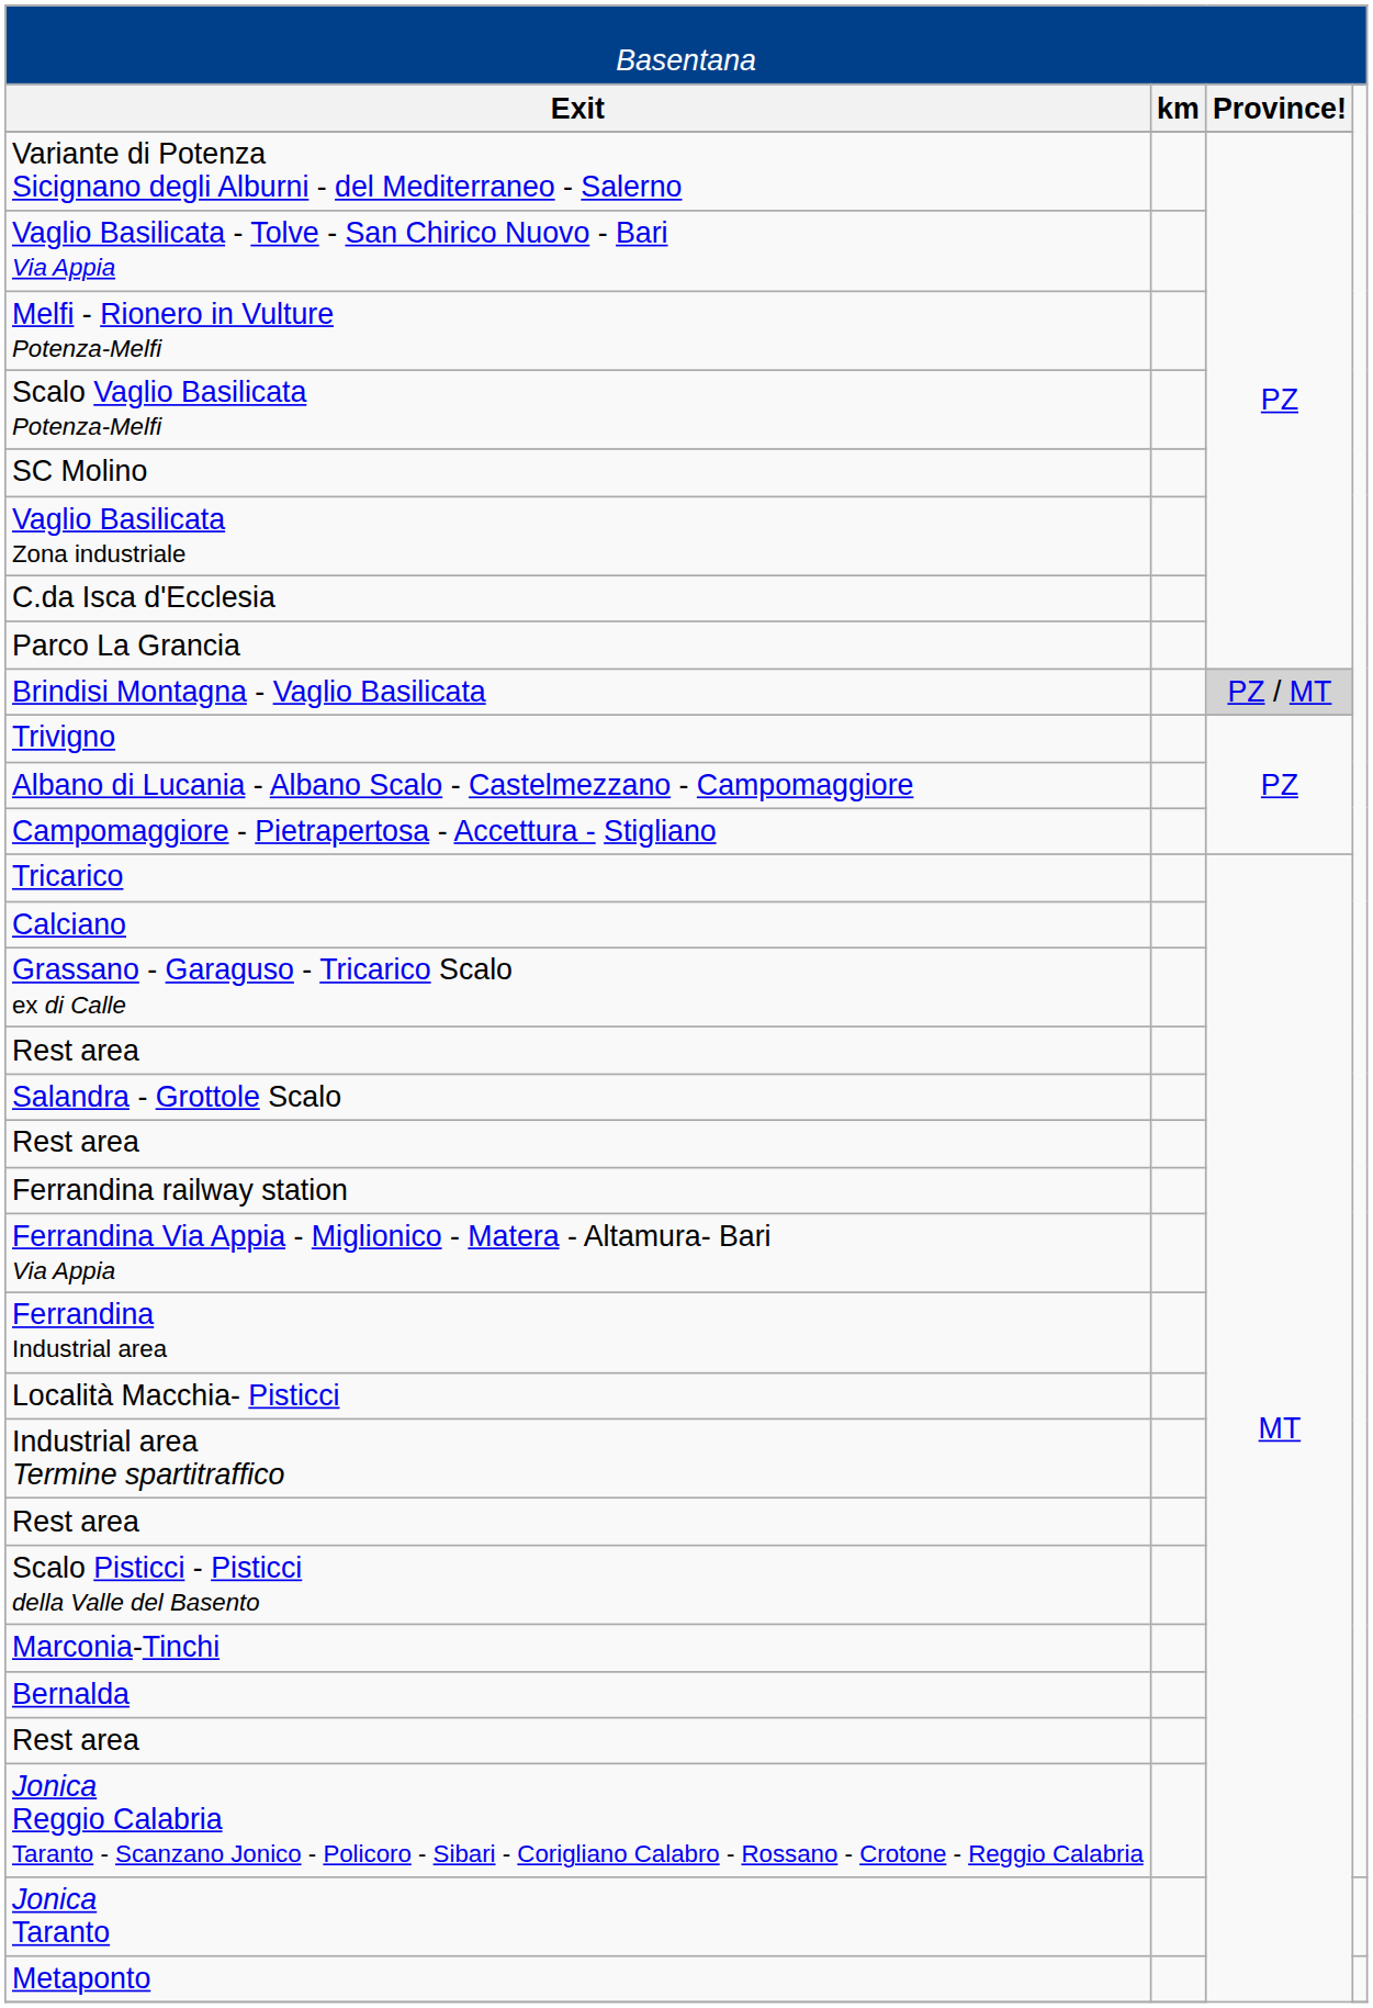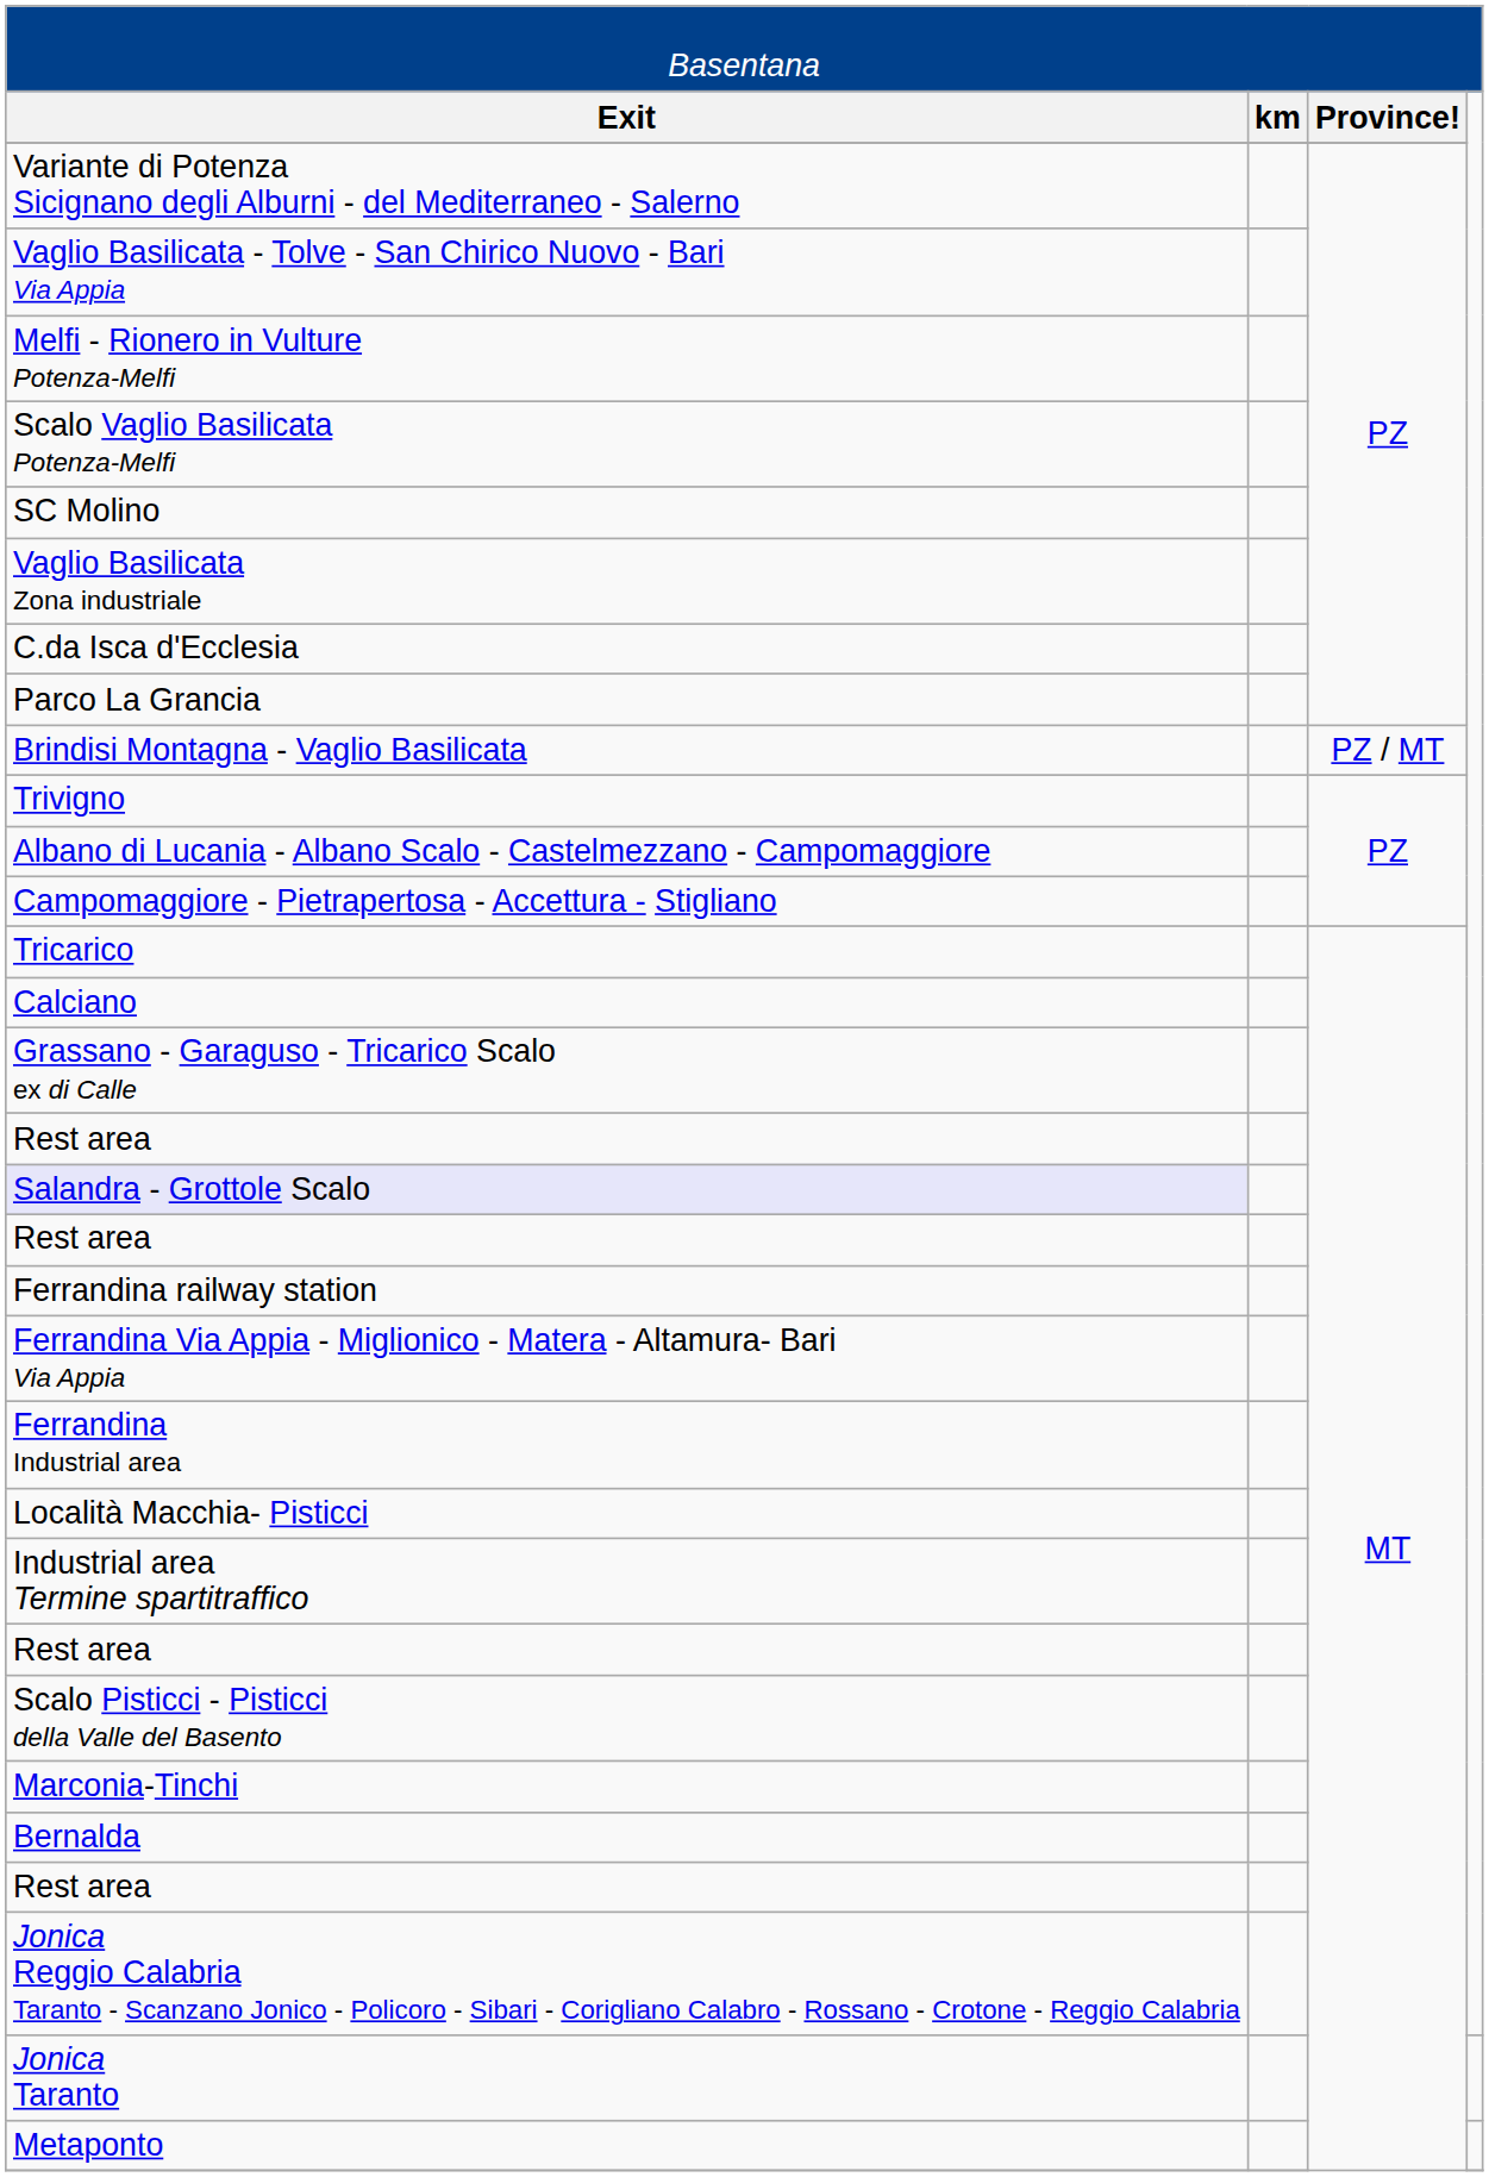 <table class="wikitable">
 <tr align="center" bgcolor="00408B" style="color: white;font-size:100%;">
 <td colspan="4"> <br><em>Basentana</em></td>
 </tr>
 <tr>
 <th>Exit</th>
 <th>km</th>
 <th>Province!</th>
 </tr>
 <tr>
 </tr>
 <tr>
 <td>   Variante di Potenza<br>  <a href='#'>Sicignano degli Alburni</a> -  <a href='#'>del Mediterraneo</a> - <a href='#'>Salerno</a></td>
 <td></td>
 <td align="center" rowspan=8><a href='#'>PZ</a></td>
 </tr>
 <tr>
 <td> <a href='#'>Vaglio Basilicata</a> - <a href='#'>Tolve</a> - <a href='#'>San Chirico Nuovo</a> - <a href='#'>Bari</a><br><small> <em><a href='#'>Via Appia</a></em></small></td>
 <td></td>
 </tr>
 <tr>
 <td> <a href='#'>Melfi</a> - <a href='#'>Rionero in Vulture</a><br><small> <em>Potenza-Melfi</em></small></td>
 <td></td>
 </tr>
 <tr>
 <td> Scalo <a href='#'>Vaglio Basilicata</a><br><small> <em>Potenza-Melfi</em></small></td>
 <td></td>
 </tr>
 <tr>
 <td> SC Molino</td>
 <td></td>
 </tr>
 <tr>
 <td> <a href='#'>Vaglio Basilicata</a><br><small> Zona industriale</small></td>
 <td></td>
 </tr>
 <tr>
 <td> C.da Isca d'Ecclesia</td>
 <td></td>
 </tr>
 <tr>
 <td> Parco La Grancia</td>
 <td></td>
 </tr>
 <tr>
 <td> <a href='#'>Brindisi Montagna</a> - <a href='#'>Vaglio Basilicata</a></td>
 <td></td>
-<td align="center" style="background: lightgrey;"><a href='#'>PZ</a> / <a href='#'>MT</a></td>
+<td align="center"><a href='#'>PZ</a> / <a href='#'>MT</a></td>
 </tr>
 <tr>
 <td> <a href='#'>Trivigno</a></td>
 <td></td>
 <td align="center" rowspan=3><a href='#'>PZ</a></td>
 </tr>
 <tr>
 <td> <a href='#'>Albano di Lucania</a>  - <a href='#'>Albano Scalo</a> - <a href='#'>Castelmezzano</a> - <a href='#'>Campomaggiore</a></td>
 <td></td>
 </tr>
 <tr>
 <td> <a href='#'>Campomaggiore</a> - <a href='#'>Pietrapertosa</a> - <a href='#'>Accettura -</a> <a href='#'>Stigliano</a></td>
 <td></td>
 </tr>
 <tr>
 <td> <a href='#'>Tricarico</a></td>
 <td></td>
 <td rowspan="20" align="center"><a href='#'>MT</a></td>
 </tr>
 <tr>
 <td> <a href='#'>Calciano</a></td>
 <td></td>
 </tr>
 <tr>
 <td> <a href='#'>Grassano</a> - <a href='#'>Garaguso</a> - <a href='#'>Tricarico</a> Scalo<br><small>ex  <em>di Calle</em></small></td>
 <td></td>
 </tr>
 <tr>
 <td> Rest area</td>
 <td></td>
 </tr>
 <tr>
-<td> <a href='#'>Salandra</a> - <a href='#'>Grottole</a> Scalo</td>
+<td style="background: lavender;"> <a href='#'>Salandra</a> - <a href='#'>Grottole</a> Scalo</td>
 <td></td>
 </tr>
 <tr>
 <td> Rest area</td>
 <td></td>
 </tr>
 <tr>
 <td> Ferrandina railway station</td>
 <td></td>
 </tr>
 <tr>
 <td> <a href='#'>Ferrandina Via Appia</a> - <a href='#'>Miglionico</a> - <a href='#'>Matera</a> - Altamura- Bari<br><small> <em>Via Appia</em></small></td>
 <td></td>
 </tr>
 <tr>
 <td> <a href='#'>Ferrandina</a><br><small> Industrial area</small></td>
 <td></td>
 </tr>
 <tr>
 <td> Località Macchia- <a href='#'>Pisticci</a></td>
 <td></td>
 </tr>
 <tr>
 <td>  Industrial area<br><em>Termine spartitraffico</em></td>
 <td></td>
 </tr>
 <tr>
 <td> Rest area</td>
 <td></td>
 </tr>
 <tr>
 <td> Scalo <a href='#'>Pisticci</a> - <a href='#'>Pisticci</a><br><small> <em>della Valle del Basento</em></small></td>
 <td></td>
 </tr>
 <tr>
 <td> <a href='#'>Marconia</a>-<a href='#'>Tinchi</a></td>
 <td></td>
 </tr>
 <tr>
 <td> <a href='#'>Bernalda</a></td>
 <td></td>
 </tr>
 <tr>
 <td> Rest area</td>
 <td></td>
 </tr>
 <tr>
 <td>   <a href='#'><em>Jonica</em></a><br><a href='#'>Reggio Calabria</a><br><small><a href='#'>Taranto</a> - <a href='#'>Scanzano Jonico</a> - <a href='#'>Policoro</a> - <a href='#'>Sibari</a> - <a href='#'>Corigliano Calabro</a> - <a href='#'>Rossano</a> - <a href='#'>Crotone</a> - </small> <small><a href='#'>Reggio Calabria</a></small></td>
 <td></td>
 </tr>
 <tr>
 <td>   <a href='#'><em>Jonica</em></a><br><a href='#'>Taranto</a></td>
 <td></td>
 <td></td>
 </tr>
 <tr>
 <td> <a href='#'>Metaponto</a></td>
 <td></td>
 <td></td>
 </tr>
 <tr>
 </tr>
 </table>
